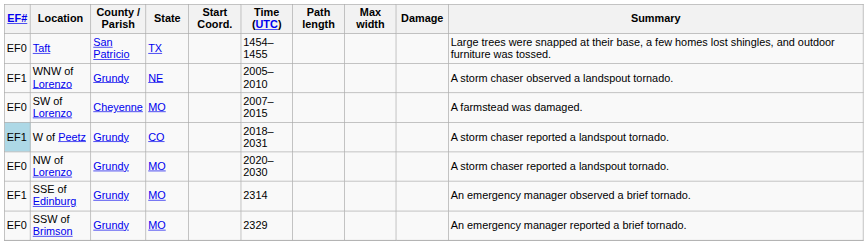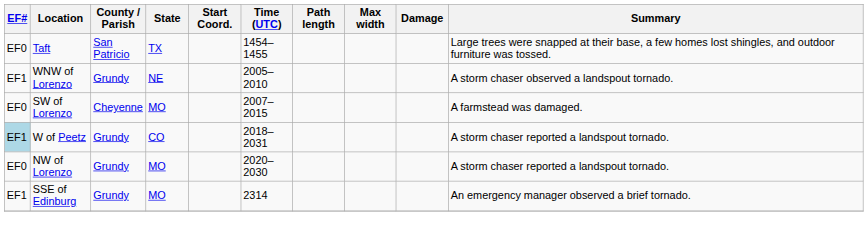 <table class="wikitable sortable" style="width:100%;">
 <tr>
 <th scope="col" width="3%" align="center"><a href='#'>EF#</a></th>
 <th scope="col" width="7%" align="center" class="unsortable">Location</th>
 <th scope="col" width="6%" align="center" class="unsortable">County / Parish</th>
 <th scope="col" width="5%" align="center">State</th>
 <th scope="col" width="6%" align="center">Start Coord.</th>
 <th scope="col" width="6%" align="center">Time (<a href='#'>UTC</a>)</th>
 <th scope="col" width="6%" align="center">Path length</th>
 <th scope="col" width="6%" align="center">Max width</th>
 <th scope="col" width="6%" align="center">Damage</th>
 <th scope="col" width="48%" class="unsortable" align="center">Summary</th>
 </tr>
 <tr>
 <td>EF0</td>
 <td><a href='#'>Taft</a></td>
 <td><a href='#'>San Patricio</a></td>
 <td><a href='#'>TX</a></td>
 <td></td>
 <td>1454–1455</td>
 <td></td>
 <td></td>
 <td></td>
 <td>Large trees were snapped at their base, a few homes lost shingles, and outdoor furniture was tossed.</td>
 </tr>
 <tr>
 <td>EF1</td>
 <td>WNW of <a href='#'>Lorenzo</a></td>
 <td><a href='#'>Grundy</a></td>
 <td><a href='#'>NE</a></td>
 <td></td>
 <td>2005–2010</td>
 <td></td>
 <td></td>
 <td></td>
 <td>A storm chaser observed a landspout tornado.</td>
 </tr>
 <tr>
 <td>EF0</td>
 <td>SW of <a href='#'>Lorenzo</a></td>
 <td><a href='#'>Cheyenne</a></td>
 <td><a href='#'>MO</a></td>
 <td></td>
 <td>2007–2015</td>
 <td></td>
 <td></td>
 <td></td>
 <td>A farmstead was damaged.</td>
 </tr>
 <tr>
 <td style="background: lightblue;">EF1</td>
 <td>W of <a href='#'>Peetz</a></td>
 <td><a href='#'>Grundy</a></td>
 <td><a href='#'>CO</a></td>
 <td></td>
 <td>2018–2031</td>
 <td></td>
 <td></td>
 <td></td>
 <td>A storm chaser reported a landspout tornado.</td>
 </tr>
 <tr>
 <td>EF0</td>
 <td>NW of <a href='#'>Lorenzo</a></td>
 <td><a href='#'>Grundy</a></td>
 <td><a href='#'>MO</a></td>
 <td></td>
 <td>2020–2030</td>
 <td></td>
 <td></td>
 <td></td>
 <td>A storm chaser reported a landspout tornado.</td>
 </tr>
 <tr>
 <td>EF1</td>
 <td>SSE of <a href='#'>Edinburg</a></td>
 <td><a href='#'>Grundy</a></td>
 <td><a href='#'>MO</a></td>
 <td></td>
 <td>2314</td>
 <td></td>
 <td></td>
 <td></td>
 <td>An emergency manager observed a brief tornado.</td>
 </tr>
 <tr>
-<td>EF0</td>
-<td>SSW of <a href='#'>Brimson</a></td>
-<td><a href='#'>Grundy</a></td>
-<td><a href='#'>MO</a></td>
-<td></td>
-<td>2329</td>
-<td></td>
-<td></td>
-<td></td>
-<td>An emergency manager reported a brief tornado.</td>
-</tr>
-<tr>
 </tr>
 </table>
